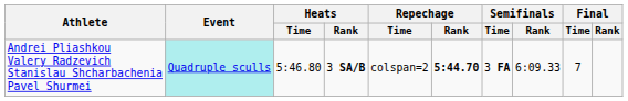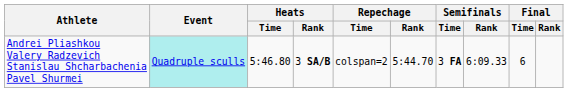 <table class="wikitable" style="font-size:90%;">
 <tr>
 <th rowspan="2">Athlete</th>
 <th rowspan="2">Event</th>
 <th colspan="2">Heats</th>
 <th colspan="2">Repechage</th>
 <th colspan="2">Semifinals</th>
 <th colspan="2">Final</th>
 </tr>
 <tr style="font-size:95%">
 <th>Time</th>
 <th>Rank</th>
 <th>Time</th>
 <th>Rank</th>
 <th>Time</th>
 <th>Rank</th>
 <th>Time</th>
 <th>Rank</th>
 </tr>
 <tr align=center>
 <td align=left><a href='#'>Andrei Pliashkou</a><br><a href='#'>Valery Radzevich</a><br><a href='#'>Stanislau Shcharbachenia</a><br><a href='#'>Pavel Shurmei</a></td>
 <td align=left style="background: paleturquoise;"><a href='#'>Quadruple sculls</a></td>
 <td>5:46.80</td>
 <td>3 <strong>SA/B</strong></td>
 <td>colspan=2 </td>
-<td><strong>5:44.70</strong></td>
+<td>5:44.70</td>
 <td>3 <strong>FA</strong></td>
 <td>6:09.33</td>
-<td>7</td>
+<td>6</td>
 </tr>
 </table>
